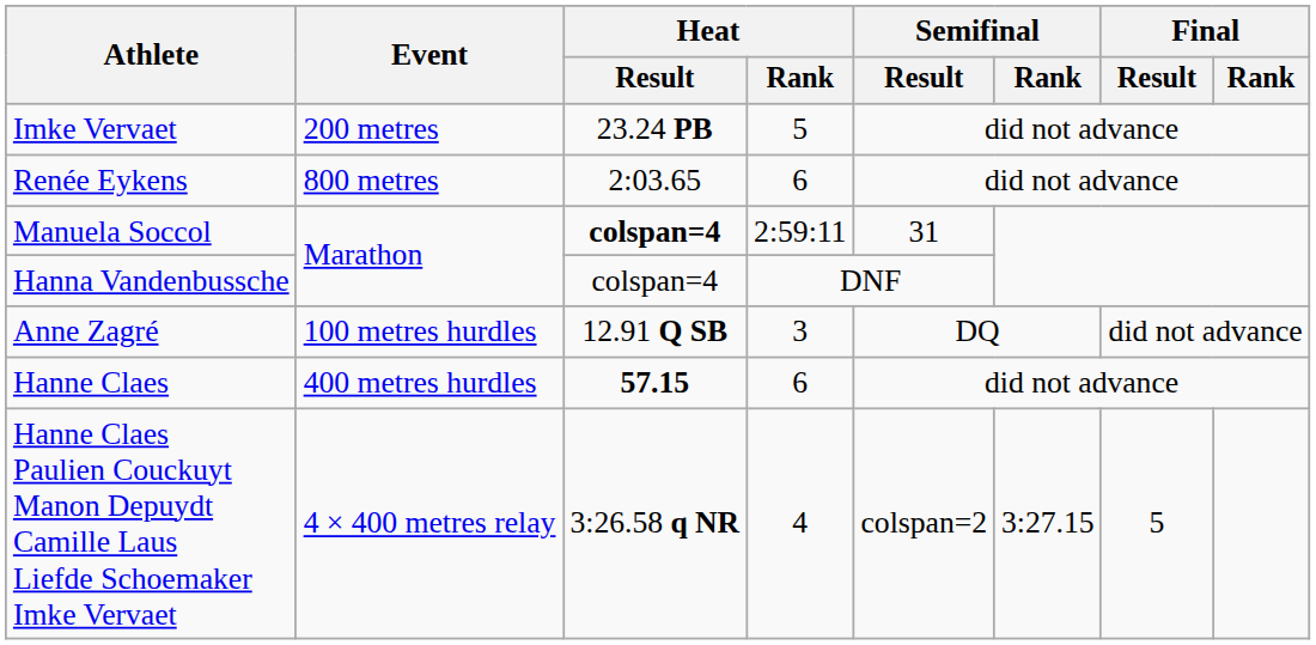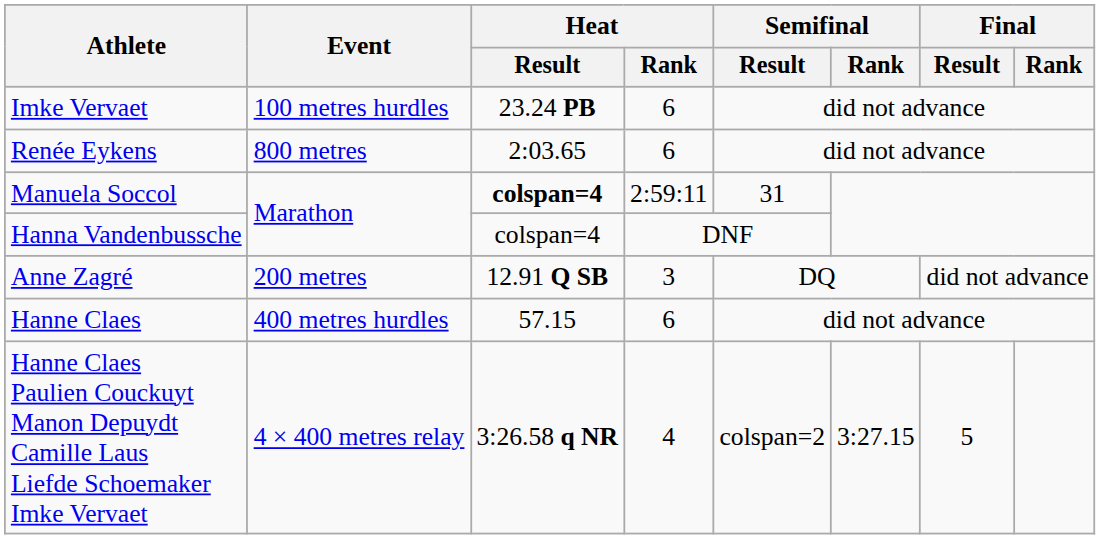 <table class=wikitable style=font-size:90%>
 <tr>
 <th rowspan=2>Athlete</th>
 <th rowspan=2>Event</th>
 <th colspan=2>Heat</th>
 <th colspan=2>Semifinal</th>
 <th colspan=2>Final</th>
 </tr>
 <tr style=font-size:95%>
 <th>Result</th>
 <th>Rank</th>
 <th>Result</th>
 <th>Rank</th>
 <th>Result</th>
 <th>Rank</th>
 </tr>
 <tr align=center>
 <td align=left><a href='#'>Imke Vervaet</a></td>
-<td align=left><a href='#'>200 metres</a></td>
+<td align=left><a href='#'>100 metres hurdles</a></td>
 <td>23.24 <strong>PB</strong></td>
-<td>5</td>
+<td>6</td>
 <td colspan=4>did not advance</td>
 </tr>
 <tr align=center>
 <td align=left><a href='#'>Renée Eykens</a></td>
 <td align=left><a href='#'>800 metres</a></td>
 <td>2:03.65</td>
 <td>6</td>
 <td colspan=4>did not advance</td>
 </tr>
 <tr align=center>
 <td align=left><a href='#'>Manuela Soccol</a></td>
 <td align=left rowspan=2><a href='#'>Marathon</a></td>
 <td><strong>colspan=4</strong></td>
 <td>2:59:11</td>
 <td>31</td>
 </tr>
 <tr align=center>
 <td align=left><a href='#'>Hanna Vandenbussche</a></td>
 <td>colspan=4</td>
 <td colspan=2>DNF</td>
 </tr>
 <tr align=center>
 <td align=left><a href='#'>Anne Zagré</a></td>
-<td align=left><a href='#'>100 metres hurdles</a></td>
+<td align=left><a href='#'>200 metres</a></td>
 <td>12.91 <strong>Q SB</strong></td>
 <td>3</td>
 <td colspan=2>DQ</td>
 <td colspan=2>did not advance</td>
 </tr>
 <tr align=center>
 <td align=left><a href='#'>Hanne Claes</a></td>
 <td align=left><a href='#'>400 metres hurdles</a></td>
-<td><strong>57.15</strong></td>
+<td>57.15</td>
 <td>6</td>
 <td colspan=4>did not advance</td>
 </tr>
 <tr align=center>
 <td align=left><a href='#'>Hanne Claes</a><br><a href='#'>Paulien Couckuyt</a><br><a href='#'>Manon Depuydt</a><br> <a href='#'>Camille Laus</a><br> <a href='#'>Liefde Schoemaker</a><br><a href='#'>Imke Vervaet</a></td>
 <td align=left><a href='#'>4 × 400 metres relay</a></td>
 <td>3:26.58 <strong>q NR</strong></td>
 <td>4</td>
 <td>colspan=2</td>
 <td>3:27.15</td>
 <td>5</td>
 </tr>
 </table>
